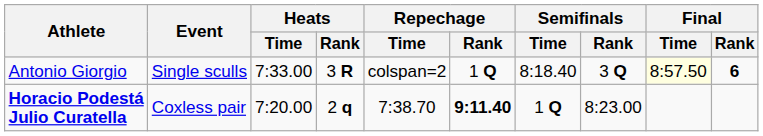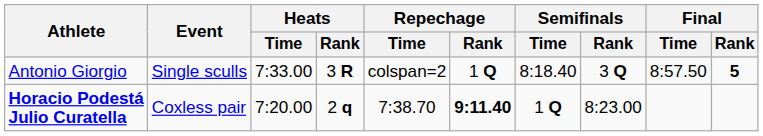 <table class="wikitable" style="font-size:90%">
 <tr>
 <th rowspan="2">Athlete</th>
 <th rowspan="2">Event</th>
 <th colspan="2">Heats</th>
 <th colspan="2">Repechage</th>
 <th colspan="2">Semifinals</th>
 <th colspan="2">Final</th>
 </tr>
 <tr style="font-size:95%">
 <th>Time</th>
 <th>Rank</th>
 <th>Time</th>
 <th>Rank</th>
 <th>Time</th>
 <th>Rank</th>
 <th>Time</th>
 <th>Rank</th>
 </tr>
 <tr align=center>
 <td align=left><a href='#'>Antonio Giorgio</a></td>
 <td align=left><a href='#'>Single sculls</a></td>
 <td>7:33.00</td>
 <td>3 <strong>R</strong></td>
 <td>colspan=2 </td>
 <td>1 <strong>Q</strong></td>
 <td>8:18.40</td>
 <td>3 <strong>Q</strong></td>
-<td style="background: lightyellow;">8:57.50</td>
-<td><strong>6</strong></td>
+<td>8:57.50</td>
+<td><strong>5</strong></td>
 </tr>
 <tr align=center>
 <td align=left><strong><a href='#'>Horacio Podestá</a><br><a href='#'>Julio Curatella</a></strong></td>
 <td align=left><a href='#'>Coxless pair</a></td>
 <td>7:20.00</td>
 <td>2 <strong>q</strong></td>
 <td>7:38.70</td>
 <td><strong>9:11.40</strong></td>
 <td>1 <strong>Q</strong></td>
 <td>8:23.00</td>
 <td></td>
 </tr>
 </table>
